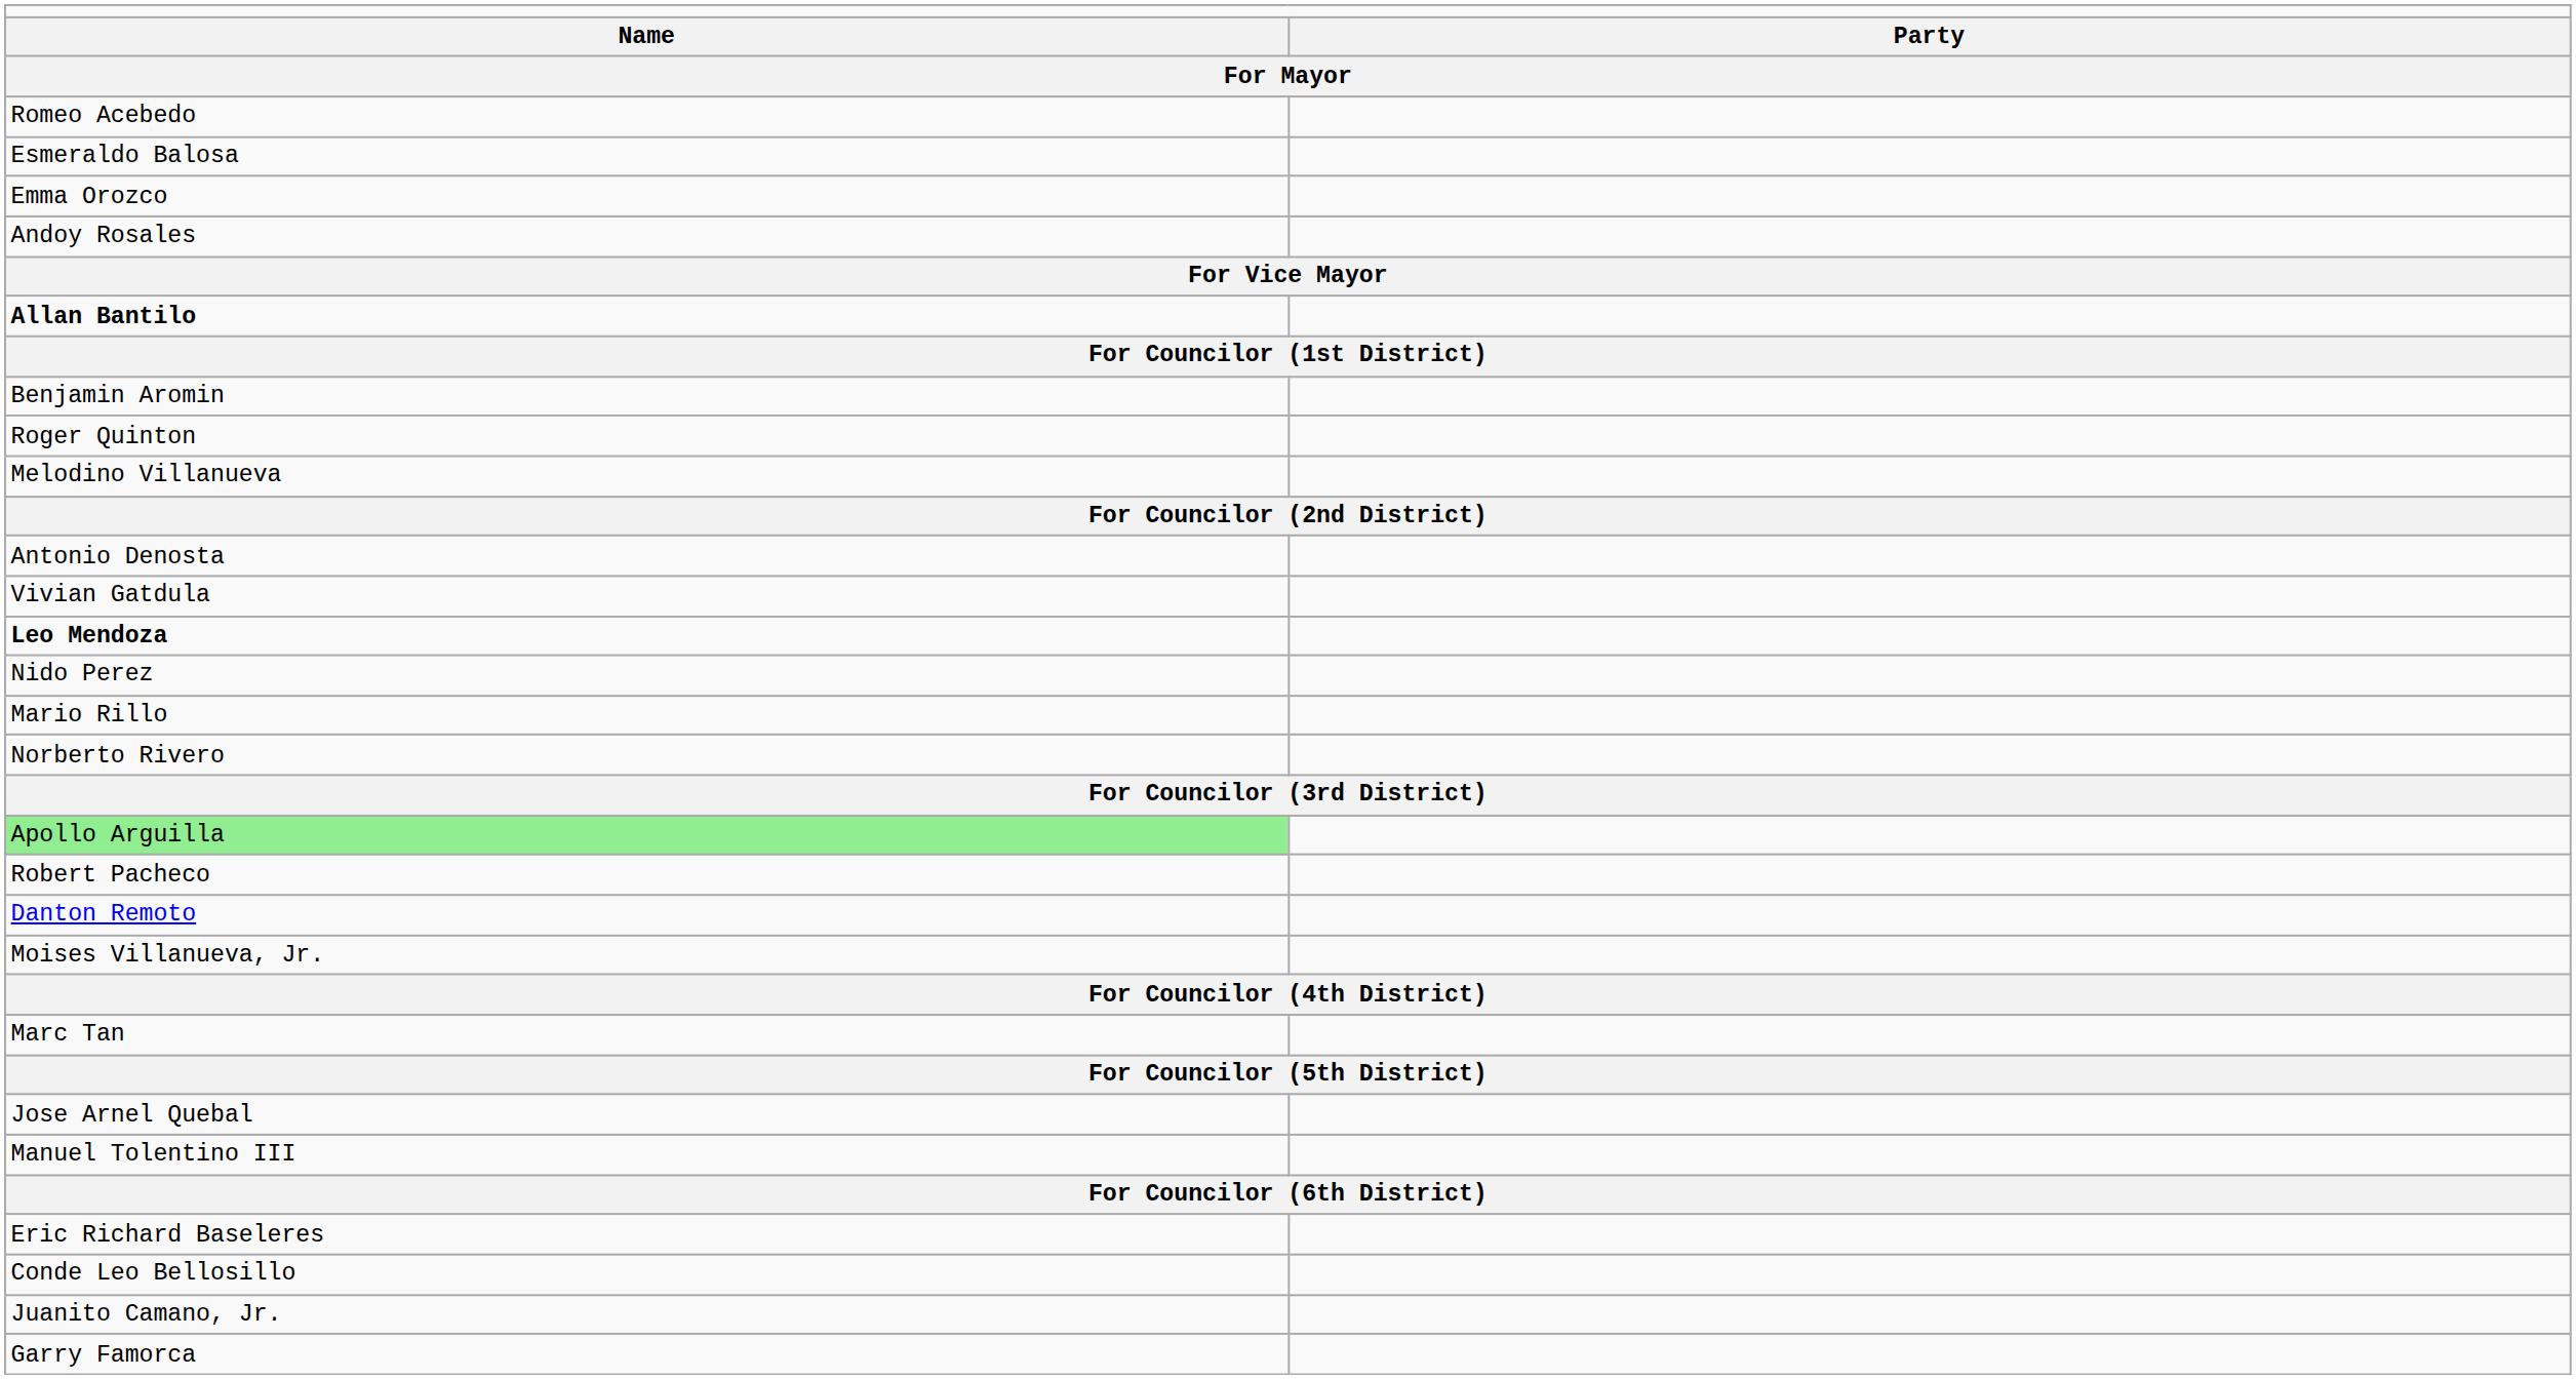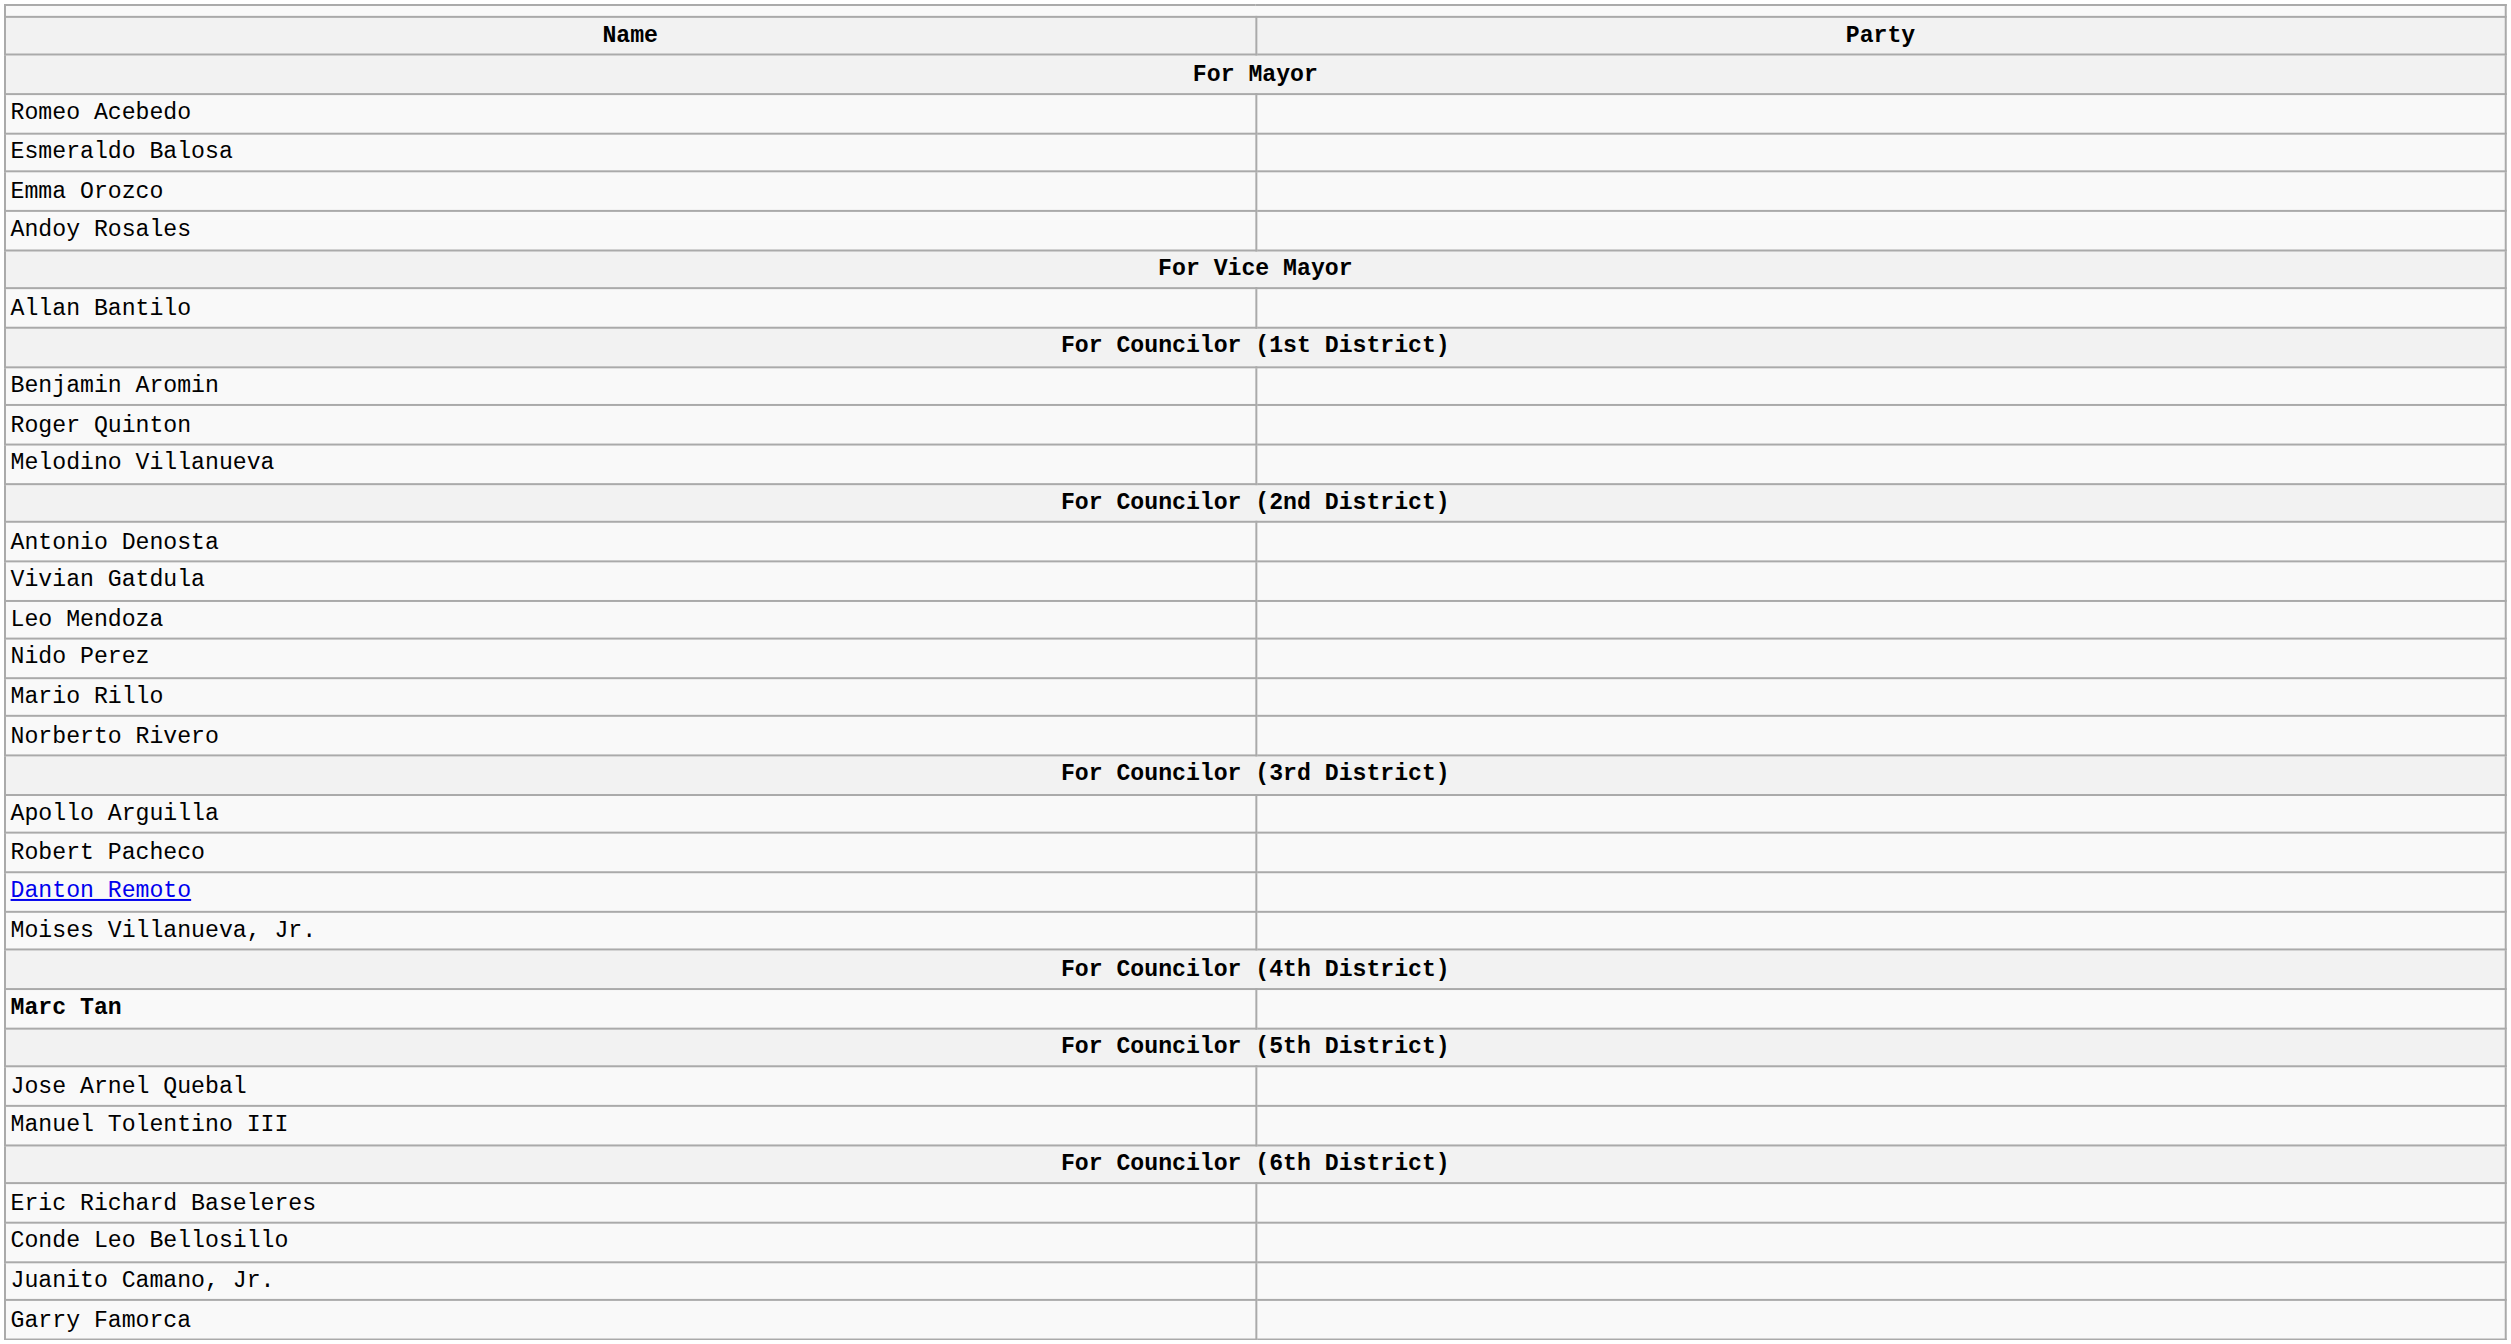 <table class=wikitable style="font-size:90%; width:100%">
 <tr>
 <td colspan=4 bgcolor=></td>
 </tr>
 <tr>
 <th width=50%>Name</th>
 <th colspan=2>Party</th>
 </tr>
 <tr>
 <th colspan=3>For Mayor</th>
 </tr>
 <tr>
 <td>Romeo Acebedo</td>
 <td></td>
 </tr>
 <tr>
 <td>Esmeraldo Balosa</td>
 <td></td>
 </tr>
 <tr>
 <td>Emma Orozco</td>
 <td></td>
 </tr>
 <tr>
 <td>Andoy Rosales</td>
 <td></td>
 </tr>
 <tr>
 <th colspan=3>For Vice Mayor</th>
 </tr>
 <tr>
-<td><strong>Allan Bantilo</strong></td>
+<td>Allan Bantilo</td>
 <td></td>
 </tr>
 <tr>
 <th colspan=3>For Councilor (1st District)</th>
 </tr>
 <tr>
 <td>Benjamin Aromin</td>
 <td></td>
 </tr>
 <tr>
 <td>Roger Quinton</td>
 <td></td>
 </tr>
 <tr>
 <td>Melodino Villanueva</td>
 <td></td>
 </tr>
 <tr>
 <th colspan=3>For Councilor (2nd District)</th>
 </tr>
 <tr>
 <td>Antonio Denosta</td>
 <td></td>
 </tr>
 <tr>
 <td>Vivian Gatdula</td>
 <td></td>
 </tr>
 <tr>
-<td><strong>Leo Mendoza</strong></td>
+<td>Leo Mendoza</td>
 <td></td>
 </tr>
 <tr>
 <td>Nido Perez</td>
 <td></td>
 </tr>
 <tr>
 <td>Mario Rillo</td>
 <td></td>
 </tr>
 <tr>
 <td>Norberto Rivero</td>
 <td></td>
 </tr>
 <tr>
 <th colspan=3>For Councilor (3rd District)</th>
 </tr>
 <tr>
-<td style="background: lightgreen;">Apollo Arguilla</td>
+<td>Apollo Arguilla</td>
 <td></td>
 </tr>
 <tr>
 <td>Robert Pacheco</td>
 <td></td>
 </tr>
 <tr>
 <td><a href='#'>Danton Remoto</a></td>
 <td></td>
 </tr>
 <tr>
 <td>Moises Villanueva, Jr.</td>
 <td></td>
 </tr>
 <tr>
 <th colspan=3>For Councilor (4th District)</th>
 </tr>
 <tr>
-<td>Marc Tan</td>
+<td><strong>Marc Tan</strong></td>
 <td></td>
 </tr>
 <tr>
 <th colspan=3>For Councilor (5th District)</th>
 </tr>
 <tr>
 <td>Jose Arnel Quebal</td>
 <td></td>
 </tr>
 <tr>
 <td>Manuel Tolentino III</td>
 <td></td>
 </tr>
 <tr>
 <th colspan=3>For Councilor (6th District)</th>
 </tr>
 <tr>
 <td>Eric Richard Baseleres</td>
 <td></td>
 </tr>
 <tr>
 <td>Conde Leo Bellosillo</td>
 <td></td>
 </tr>
 <tr>
 <td>Juanito Camano, Jr.</td>
 <td></td>
 </tr>
 <tr>
 <td>Garry Famorca</td>
 <td></td>
 </tr>
 </table>
